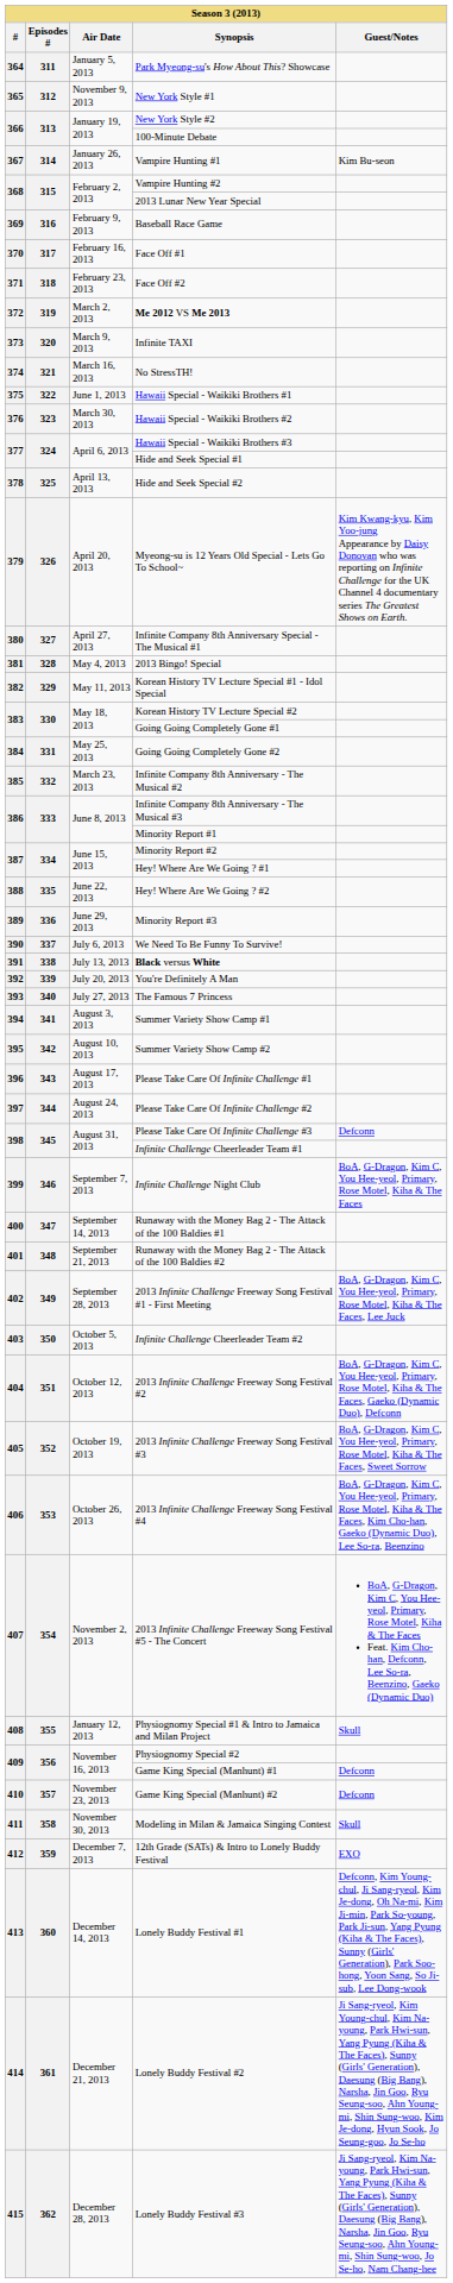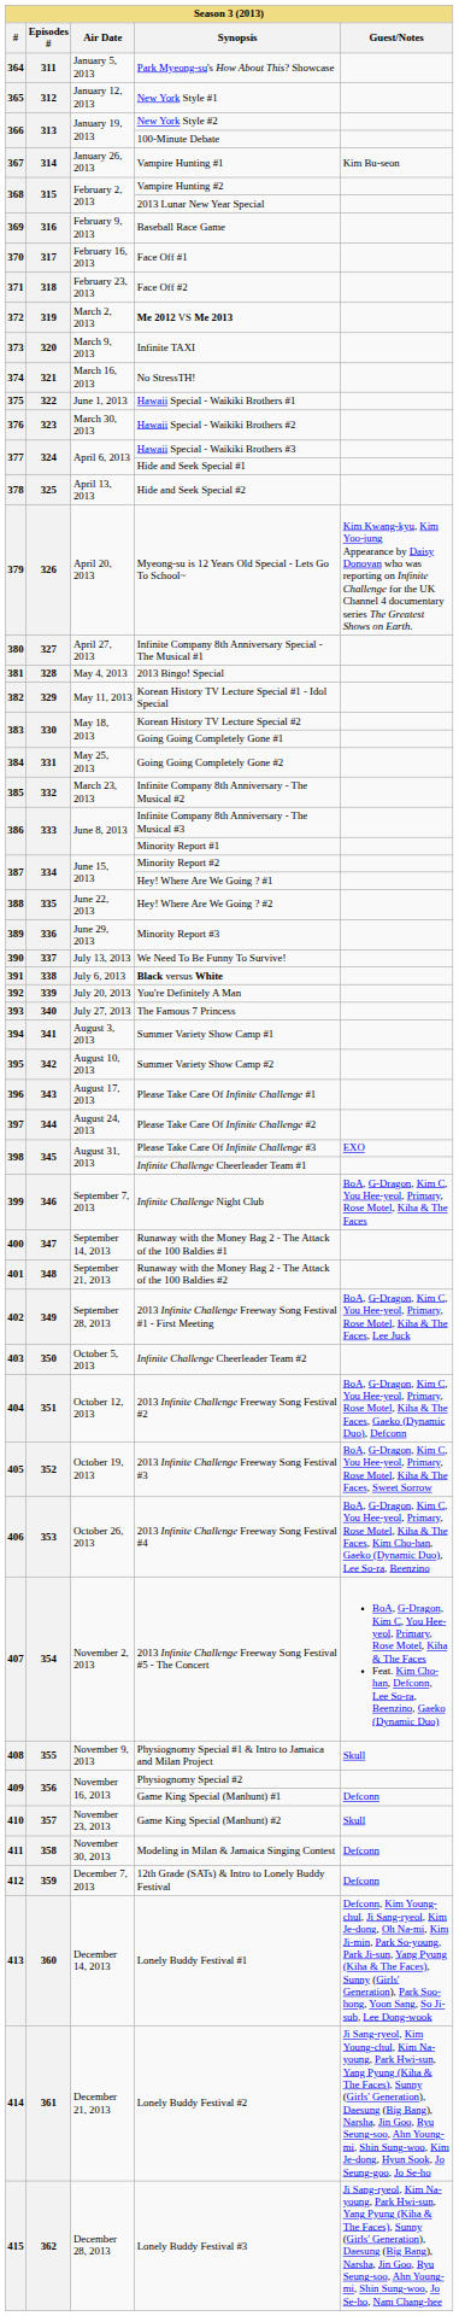 <table Class="wikitable" style="font-size: 90%;">
 <tr>
 <th Colspan="5" style="background:#F0DC82;">Season 3 (2013)</th>
 </tr>
 <tr>
 <th>#</th>
 <th>Episodes #</th>
 <th width=120>Air Date</th>
 <th width=700>Synopsis</th>
 <th width=250>Guest/Notes</th>
 </tr>
 <tr>
 <th>364</th>
 <th>311</th>
 <td>January 5, 2013</td>
 <td><a href='#'>Park Myeong-su</a>'s <em>How About This</em>? Showcase</td>
 <td></td>
 </tr>
 <tr>
 <th>365</th>
 <th>312</th>
-<td>November 9, 2013</td>
+<td>January 12, 2013</td>
 <td><a href='#'>New York</a> Style #1</td>
 <td></td>
 </tr>
 <tr>
 <th rowspan = "2">366</th>
 <th rowspan = "2">313</th>
 <td rowspan = "2">January 19, 2013</td>
 <td><a href='#'>New York</a> Style #2</td>
 <td></td>
 </tr>
 <tr>
 <td>100-Minute Debate</td>
 <td></td>
 </tr>
 <tr>
 <th>367</th>
 <th>314</th>
 <td>January 26, 2013</td>
 <td>Vampire Hunting #1</td>
 <td>Kim Bu-seon</td>
 </tr>
 <tr>
 <th rowspan = "2">368</th>
 <th rowspan = "2">315</th>
 <td rowspan = "2">February 2, 2013</td>
 <td>Vampire Hunting #2</td>
 <td></td>
 </tr>
 <tr>
 <td>2013 Lunar New Year Special</td>
 <td></td>
 </tr>
 <tr>
 <th>369</th>
 <th>316</th>
 <td>February 9, 2013</td>
 <td>Baseball Race Game</td>
 <td></td>
 </tr>
 <tr>
 <th>370</th>
 <th>317</th>
 <td>February 16, 2013</td>
 <td>Face Off #1</td>
 <td></td>
 </tr>
 <tr>
 <th>371</th>
 <th>318</th>
 <td>February 23, 2013</td>
 <td>Face Off #2</td>
 <td></td>
 </tr>
 <tr>
 <th>372</th>
 <th>319</th>
 <td>March 2, 2013</td>
 <td><strong>Me 2012</strong> VS <strong>Me 2013</strong></td>
 <td></td>
 </tr>
 <tr>
 <th>373</th>
 <th>320</th>
 <td>March 9, 2013</td>
 <td>Infinite TAXI</td>
 <td></td>
 </tr>
 <tr>
 <th>374</th>
 <th>321</th>
 <td>March 16, 2013</td>
 <td>No StressTH!</td>
 <td></td>
 </tr>
 <tr>
 <th>375</th>
 <th>322</th>
 <td>June 1, 2013</td>
 <td><a href='#'>Hawaii</a> Special - Waikiki Brothers #1</td>
 <td></td>
 </tr>
 <tr>
 <th>376</th>
 <th>323</th>
 <td>March 30, 2013</td>
 <td><a href='#'>Hawaii</a> Special - Waikiki Brothers #2</td>
 <td></td>
 </tr>
 <tr>
 <th rowspan = "2">377</th>
 <th rowspan = "2">324</th>
 <td rowspan = "2">April 6, 2013</td>
 <td><a href='#'>Hawaii</a> Special - Waikiki Brothers #3</td>
 <td></td>
 </tr>
 <tr>
 <td>Hide and Seek Special #1</td>
 <td></td>
 </tr>
 <tr>
 <th>378</th>
 <th>325</th>
 <td>April 13, 2013</td>
 <td>Hide and Seek Special #2</td>
 <td></td>
 </tr>
 <tr>
 <th>379</th>
 <th>326</th>
 <td>April 20, 2013</td>
 <td>Myeong-su is 12 Years Old Special - Lets Go To School~</td>
 <td><br><a href='#'>Kim Kwang-kyu</a>, <a href='#'>Kim Yoo-jung</a><br>Appearance by <a href='#'>Daisy Donovan</a> who was reporting on <em>Infinite Challenge</em> for the UK Channel 4 documentary series <em>The Greatest Shows on Earth</em>.</td>
 </tr>
 <tr>
 <th>380</th>
 <th>327</th>
 <td>April 27, 2013</td>
 <td>Infinite Company 8th Anniversary Special - The Musical #1</td>
 <td></td>
 </tr>
 <tr>
 <th>381</th>
 <th>328</th>
 <td>May 4, 2013</td>
 <td>2013 Bingo! Special</td>
 <td></td>
 </tr>
 <tr>
 <th>382</th>
 <th>329</th>
 <td>May 11, 2013</td>
 <td>Korean History TV Lecture Special #1 - Idol Special</td>
 <td></td>
 </tr>
 <tr>
 <th rowspan = "2">383</th>
 <th rowspan = "2">330</th>
 <td rowspan = "2">May 18, 2013</td>
 <td>Korean History TV Lecture Special #2</td>
 <td></td>
 </tr>
 <tr>
 <td>Going Going Completely Gone #1</td>
 <td></td>
 </tr>
 <tr>
 <th>384</th>
 <th>331</th>
 <td>May 25, 2013</td>
 <td>Going Going Completely Gone #2</td>
 <td></td>
 </tr>
 <tr>
 <th>385</th>
 <th>332</th>
 <td>March 23, 2013</td>
 <td>Infinite Company 8th Anniversary - The Musical #2</td>
 <td></td>
 </tr>
 <tr>
 <th rowspan = "2">386</th>
 <th rowspan = "2">333</th>
 <td rowspan = "2">June 8, 2013</td>
 <td>Infinite Company 8th Anniversary - The Musical #3</td>
 <td></td>
 </tr>
 <tr>
 <td>Minority Report #1</td>
 <td></td>
 </tr>
 <tr>
 <th rowspan = "2">387</th>
 <th rowspan = "2">334</th>
 <td rowspan = "2">June 15, 2013</td>
 <td>Minority Report #2</td>
 <td></td>
 </tr>
 <tr>
 <td>Hey! Where Are We Going ? #1</td>
 <td></td>
 </tr>
 <tr>
 <th>388</th>
 <th>335</th>
 <td>June 22, 2013</td>
 <td>Hey! Where Are We Going ? #2</td>
 <td></td>
 </tr>
 <tr>
 <th>389</th>
 <th>336</th>
 <td>June 29, 2013</td>
 <td>Minority Report #3</td>
 <td></td>
 </tr>
 <tr>
 <th>390</th>
 <th>337</th>
-<td>July 6, 2013</td>
+<td>July 13, 2013</td>
 <td>We Need To Be Funny To Survive!</td>
 <td></td>
 </tr>
 <tr>
 <th>391</th>
 <th>338</th>
-<td>July 13, 2013</td>
+<td>July 6, 2013</td>
 <td><strong>Black</strong> versus <strong>White</strong></td>
 <td></td>
 </tr>
 <tr>
 <th>392</th>
 <th>339</th>
 <td>July 20, 2013</td>
 <td>You're Definitely A Man</td>
 <td></td>
 </tr>
 <tr>
 <th>393</th>
 <th>340</th>
 <td>July 27, 2013</td>
 <td>The Famous 7 Princess</td>
 <td></td>
 </tr>
 <tr>
 <th>394</th>
 <th>341</th>
 <td>August 3, 2013</td>
 <td>Summer Variety Show Camp #1</td>
 <td></td>
 </tr>
 <tr>
 <th>395</th>
 <th>342</th>
 <td>August 10, 2013</td>
 <td>Summer Variety Show Camp #2</td>
 <td></td>
 </tr>
 <tr>
 <th>396</th>
 <th>343</th>
 <td>August 17, 2013</td>
 <td>Please Take Care Of <em>Infinite Challenge</em> #1</td>
 <td></td>
 </tr>
 <tr>
 <th>397</th>
 <th>344</th>
 <td>August 24, 2013</td>
 <td>Please Take Care Of <em>Infinite Challenge</em> #2</td>
 <td></td>
 </tr>
 <tr>
 <th rowspan = "2">398</th>
 <th rowspan = "2">345</th>
 <td rowspan = "2">August 31, 2013</td>
 <td>Please Take Care Of <em>Infinite Challenge</em> #3</td>
-<td><a href='#'>Defconn</a></td>
+<td><a href='#'>EXO</a></td>
 </tr>
 <tr>
 <td><em>Infinite Challenge</em> Cheerleader Team #1</td>
 <td></td>
 </tr>
 <tr>
 <th>399</th>
 <th>346</th>
 <td>September 7, 2013</td>
 <td><em>Infinite Challenge</em> Night Club</td>
 <td><a href='#'>BoA</a>, <a href='#'>G-Dragon</a>, <a href='#'>Kim C</a>, <a href='#'>You Hee-yeol</a>, <a href='#'>Primary</a>, <a href='#'>Rose Motel</a>, <a href='#'>Kiha & The Faces</a></td>
 </tr>
 <tr>
 <th>400</th>
 <th>347</th>
 <td>September 14, 2013</td>
 <td>Runaway with the Money Bag 2 - The Attack of the 100 Baldies #1</td>
 <td></td>
 </tr>
 <tr>
 <th>401</th>
 <th>348</th>
 <td>September 21, 2013</td>
 <td>Runaway with the Money Bag 2 - The Attack of the 100 Baldies #2</td>
 <td></td>
 </tr>
 <tr>
 <th>402</th>
 <th>349</th>
 <td>September 28, 2013</td>
 <td>2013 <em>Infinite Challenge</em> Freeway Song Festival #1 - First Meeting</td>
 <td><a href='#'>BoA</a>, <a href='#'>G-Dragon</a>, <a href='#'>Kim C</a>, <a href='#'>You Hee-yeol</a>, <a href='#'>Primary</a>, <a href='#'>Rose Motel</a>, <a href='#'>Kiha & The Faces</a>, <a href='#'>Lee Juck</a></td>
 </tr>
 <tr>
 <th>403</th>
 <th>350</th>
 <td>October 5, 2013</td>
 <td><em>Infinite Challenge</em> Cheerleader Team #2</td>
 <td></td>
 </tr>
 <tr>
 <th>404</th>
 <th>351</th>
 <td>October 12, 2013</td>
 <td>2013 <em>Infinite Challenge</em> Freeway Song Festival #2</td>
 <td><a href='#'>BoA</a>, <a href='#'>G-Dragon</a>, <a href='#'>Kim C</a>, <a href='#'>You Hee-yeol</a>, <a href='#'>Primary</a>, <a href='#'>Rose Motel</a>, <a href='#'>Kiha & The Faces</a>, <a href='#'>Gaeko (Dynamic Duo)</a>, <a href='#'>Defconn</a></td>
 </tr>
 <tr>
 <th>405</th>
 <th>352</th>
 <td>October 19, 2013</td>
 <td>2013 <em>Infinite Challenge</em> Freeway Song Festival #3</td>
 <td><a href='#'>BoA</a>, <a href='#'>G-Dragon</a>, <a href='#'>Kim C</a>, <a href='#'>You Hee-yeol</a>, <a href='#'>Primary</a>, <a href='#'>Rose Motel</a>, <a href='#'>Kiha & The Faces</a>, <a href='#'>Sweet Sorrow</a></td>
 </tr>
 <tr>
 <th>406</th>
 <th>353</th>
 <td>October 26, 2013</td>
 <td>2013 <em>Infinite Challenge</em> Freeway Song Festival #4</td>
 <td><a href='#'>BoA</a>, <a href='#'>G-Dragon</a>, <a href='#'>Kim C</a>, <a href='#'>You Hee-yeol</a>, <a href='#'>Primary</a>, <a href='#'>Rose Motel</a>, <a href='#'>Kiha & The Faces</a>, <a href='#'>Kim Cho-han</a>, <a href='#'>Gaeko (Dynamic Duo)</a>, <a href='#'>Lee So-ra</a>, <a href='#'>Beenzino</a></td>
 </tr>
 <tr>
 <th>407</th>
 <th>354</th>
 <td>November 2, 2013</td>
 <td>2013 <em>Infinite Challenge</em> Freeway Song Festival #5 - The Concert</td>
 <td><br><ul><li><a href='#'>BoA</a>, <a href='#'>G-Dragon</a>, <a href='#'>Kim C</a>, <a href='#'>You Hee-yeol</a>, <a href='#'>Primary</a>, <a href='#'>Rose Motel</a>, <a href='#'>Kiha & The Faces</a></li><li>Feat. <a href='#'>Kim Cho-han</a>, <a href='#'>Defconn</a>, <a href='#'>Lee So-ra</a>, <a href='#'>Beenzino</a>, <a href='#'>Gaeko (Dynamic Duo)</a></li></ul></td>
 </tr>
 <tr>
 <th>408</th>
 <th>355</th>
-<td>January 12, 2013</td>
+<td>November 9, 2013</td>
 <td>Physiognomy Special #1 & Intro to Jamaica and Milan Project</td>
 <td><a href='#'>Skull</a></td>
 </tr>
 <tr>
 <th rowspan = "2">409</th>
 <th rowspan = "2">356</th>
 <td rowspan = "2">November 16, 2013</td>
 <td>Physiognomy Special #2</td>
 <td></td>
 </tr>
 <tr>
 <td>Game King Special (Manhunt) #1</td>
 <td><a href='#'>Defconn</a></td>
 </tr>
 <tr>
 <th>410</th>
 <th>357</th>
 <td>November 23, 2013</td>
 <td>Game King Special (Manhunt) #2</td>
-<td><a href='#'>Defconn</a></td>
+<td><a href='#'>Skull</a></td>
 </tr>
 <tr>
 <th>411</th>
 <th>358</th>
 <td>November 30, 2013</td>
 <td>Modeling in Milan & Jamaica Singing Contest</td>
-<td><a href='#'>Skull</a></td>
+<td><a href='#'>Defconn</a></td>
 </tr>
 <tr>
 <th>412</th>
 <th>359</th>
 <td>December 7, 2013</td>
 <td>12th Grade (SATs) & Intro to Lonely Buddy Festival</td>
-<td><a href='#'>EXO</a></td>
+<td><a href='#'>Defconn</a></td>
 </tr>
 <tr>
 <th>413</th>
 <th>360</th>
 <td>December 14, 2013</td>
 <td>Lonely Buddy Festival #1</td>
 <td><a href='#'>Defconn</a>, <a href='#'>Kim Young-chul</a>, <a href='#'>Ji Sang-ryeol</a>, <a href='#'>Kim Je-dong</a>, <a href='#'>Oh Na-mi</a>, <a href='#'>Kim Ji-min</a>, <a href='#'>Park So-young</a>, <a href='#'>Park Ji-sun</a>, <a href='#'>Yang Pyung (Kiha & The Faces)</a>, <a href='#'>Sunny</a> (<a href='#'>Girls' Generation</a>), <a href='#'>Park Soo-hong</a>, <a href='#'>Yoon Sang</a>, <a href='#'>So Ji-sub</a>, <a href='#'>Lee Dong-wook</a></td>
 </tr>
 <tr>
 <th>414</th>
 <th>361</th>
 <td>December 21, 2013</td>
 <td>Lonely Buddy Festival #2</td>
 <td><a href='#'>Ji Sang-ryeol</a>, <a href='#'>Kim Young-chul</a>, <a href='#'>Kim Na-young</a>, <a href='#'>Park Hwi-sun</a>, <a href='#'>Yang Pyung (Kiha & The Faces)</a>, <a href='#'>Sunny</a> (<a href='#'>Girls' Generation</a>), <a href='#'>Daesung</a> (<a href='#'>Big Bang</a>), <a href='#'>Narsha</a>, <a href='#'>Jin Goo</a>, <a href='#'>Ryu Seung-soo</a>, <a href='#'>Ahn Young-mi</a>, <a href='#'>Shin Sung-woo</a>, <a href='#'>Kim Je-dong</a>, <a href='#'>Hyun Sook</a>, <a href='#'>Jo Seung-goo</a>, <a href='#'>Jo Se-ho</a></td>
 </tr>
 <tr>
 <th>415</th>
 <th>362</th>
 <td>December 28, 2013</td>
 <td>Lonely Buddy Festival #3</td>
 <td><a href='#'>Ji Sang-ryeol</a>, <a href='#'>Kim Na-young</a>, <a href='#'>Park Hwi-sun</a>, <a href='#'>Yang Pyung (Kiha & The Faces)</a>, <a href='#'>Sunny</a> (<a href='#'>Girls' Generation</a>), <a href='#'>Daesung</a> (<a href='#'>Big Bang</a>), <a href='#'>Narsha</a>, <a href='#'>Jin Goo</a>, <a href='#'>Ryu Seung-soo</a>, <a href='#'>Ahn Young-mi</a>, <a href='#'>Shin Sung-woo</a>, <a href='#'>Jo Se-ho</a>, <a href='#'>Nam Chang-hee</a></td>
 </tr>
 </table>
